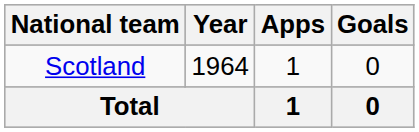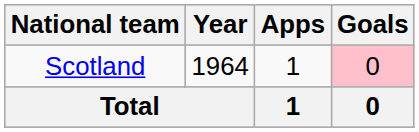 <table class=wikitable style="text-align: center">
 <tr>
 <th>National team</th>
 <th>Year</th>
 <th>Apps</th>
 <th>Goals</th>
 </tr>
 <tr>
 <td><a href='#'>Scotland</a></td>
 <td>1964</td>
 <td>1</td>
-<td>0</td>
+<td style="background: pink;">0</td>
 </tr>
 <tr>
 <th colspan=2>Total</th>
 <th>1</th>
 <th>0</th>
 </tr>
 </table>
